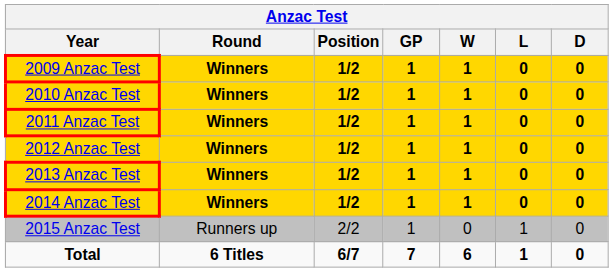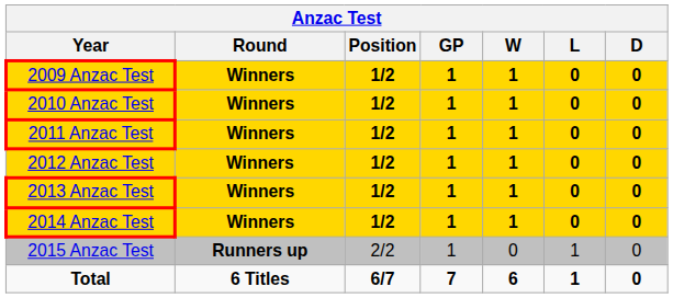 <table class="wikitable" style="text-align: center;">
 <tr>
 <th colspan=9><a href='#'>Anzac Test</a></th>
 </tr>
 <tr>
 <th width=150>Year</th>
 <th width=150>Round</th>
 <th width=50>Position</th>
 <th width=50>GP</th>
 <th width=50>W</th>
 <th width=50>L</th>
 <th width=50>D</th>
 </tr>
 <tr bgcolor=Gold>
 <td style="border: 3px solid red"><a href='#'>2009 Anzac Test</a></td>
 <td><strong>Winners</strong></td>
 <td><strong>1/2</strong></td>
 <td><strong>1</strong></td>
 <td><strong>1</strong></td>
 <td><strong>0</strong></td>
 <td><strong>0</strong></td>
 </tr>
 <tr bgcolor=Gold>
 <td style="border: 3px solid red"><a href='#'>2010 Anzac Test</a></td>
 <td><strong>Winners</strong></td>
 <td><strong>1/2</strong></td>
 <td><strong>1</strong></td>
 <td><strong>1</strong></td>
 <td><strong>0</strong></td>
 <td><strong>0</strong></td>
 </tr>
 <tr bgcolor=Gold>
 <td style="border: 3px solid red"><a href='#'>2011 Anzac Test</a></td>
 <td><strong>Winners</strong></td>
 <td><strong>1/2</strong></td>
 <td><strong>1</strong></td>
 <td><strong>1</strong></td>
 <td><strong>0</strong></td>
 <td><strong>0</strong></td>
 </tr>
 <tr bgcolor=Gold>
 <td><a href='#'>2012 Anzac Test</a></td>
 <td><strong>Winners</strong></td>
 <td><strong>1/2</strong></td>
 <td><strong>1</strong></td>
 <td><strong>1</strong></td>
 <td><strong>0</strong></td>
 <td><strong>0</strong></td>
 </tr>
 <tr bgcolor=Gold>
 <td style="border: 3px solid red"><a href='#'>2013 Anzac Test</a></td>
 <td><strong>Winners</strong></td>
 <td><strong>1/2</strong></td>
 <td><strong>1</strong></td>
 <td><strong>1</strong></td>
 <td><strong>0</strong></td>
 <td><strong>0</strong></td>
 </tr>
 <tr bgcolor=Gold>
 <td style="border: 3px solid red"><a href='#'>2014 Anzac Test</a></td>
 <td><strong>Winners</strong></td>
 <td><strong>1/2</strong></td>
 <td><strong>1</strong></td>
 <td><strong>1</strong></td>
 <td><strong>0</strong></td>
 <td><strong>0</strong></td>
 </tr>
 <tr bgcolor=silver>
 <td><a href='#'>2015 Anzac Test</a></td>
-<td>Runners up</td>
+<td><strong>Runners up</strong></td>
 <td>2/2</td>
 <td>1</td>
 <td>0</td>
 <td>1</td>
 <td>0</td>
 </tr>
 <tr>
 <td><strong>Total</strong></td>
 <td><strong>6 Titles</strong></td>
 <td><strong>6/7</strong></td>
 <td><strong>7</strong></td>
 <td><strong>6</strong></td>
 <td><strong>1</strong></td>
 <td><strong>0</strong></td>
 </tr>
 </table>
